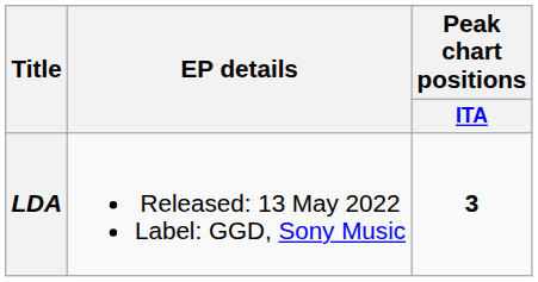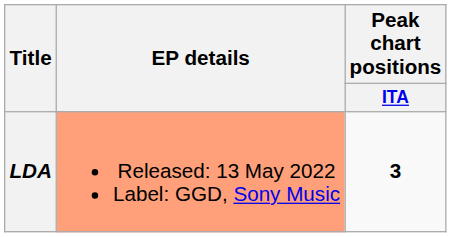 <table class="wikitable plainrowheaders" style="text-align:center;">
 <tr>
 <th scope="col" rowspan="2">Title</th>
 <th scope="col" rowspan="2">EP details</th>
 <th scope="col" colspan="1">Peak chart positions</th>
 </tr>
 <tr>
 <th scope="col" style="width:3em;font-size:85%;"><a href='#'>ITA</a></th>
 </tr>
 <tr>
 <th scope="row"><em>LDA</em></th>
-<td><br><ul><li>Released: 13 May 2022</li><li>Label: GGD, <a href='#'>Sony Music</a></li></ul></td>
+<td style="background: lightsalmon;"><br><ul><li>Released: 13 May 2022</li><li>Label: GGD, <a href='#'>Sony Music</a></li></ul></td>
 <td><strong>3</strong></td>
 </tr>
 </table>
